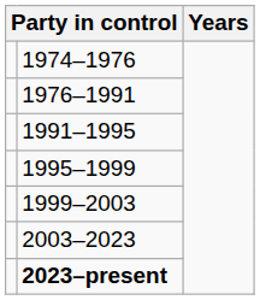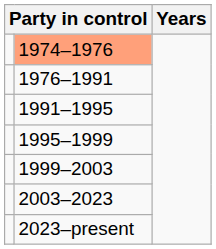 <table class="wikitable">
 <tr>
 <th colspan="2">Party in control</th>
 <th>Years</th>
 </tr>
 <tr>
 <td></td>
-<td>1974–1976</td>
+<td style="background: lightsalmon;">1974–1976</td>
 </tr>
 <tr>
 <td></td>
 <td>1976–1991</td>
 </tr>
 <tr>
 <td></td>
 <td>1991–1995</td>
 </tr>
 <tr>
 <td></td>
 <td>1995–1999</td>
 </tr>
 <tr>
 <td></td>
 <td>1999–2003</td>
 </tr>
 <tr>
 <td></td>
 <td>2003–2023</td>
 </tr>
 <tr>
 <td></td>
-<td><strong>2023–present</strong></td>
+<td>2023–present</td>
 </tr>
 </table>
